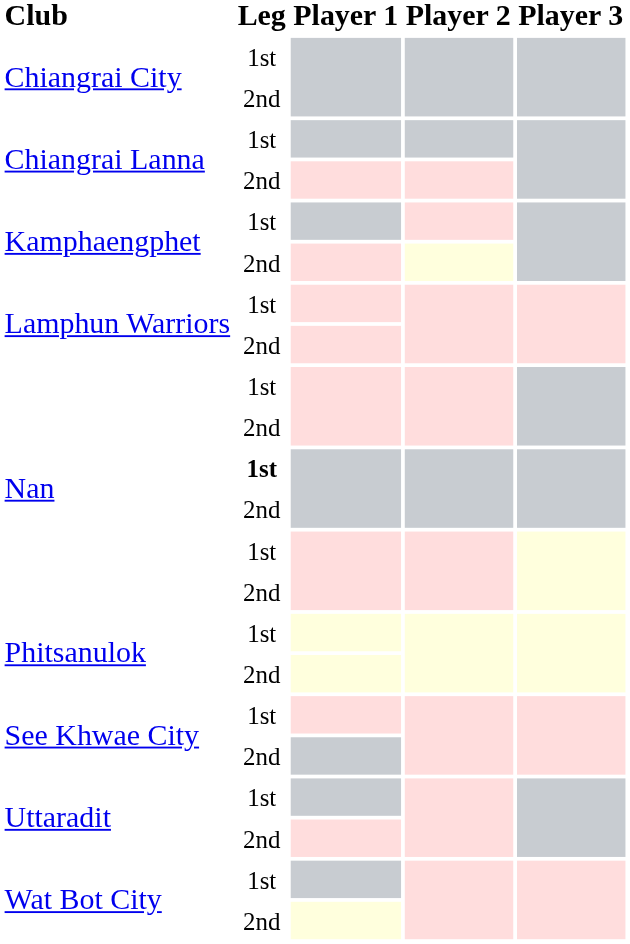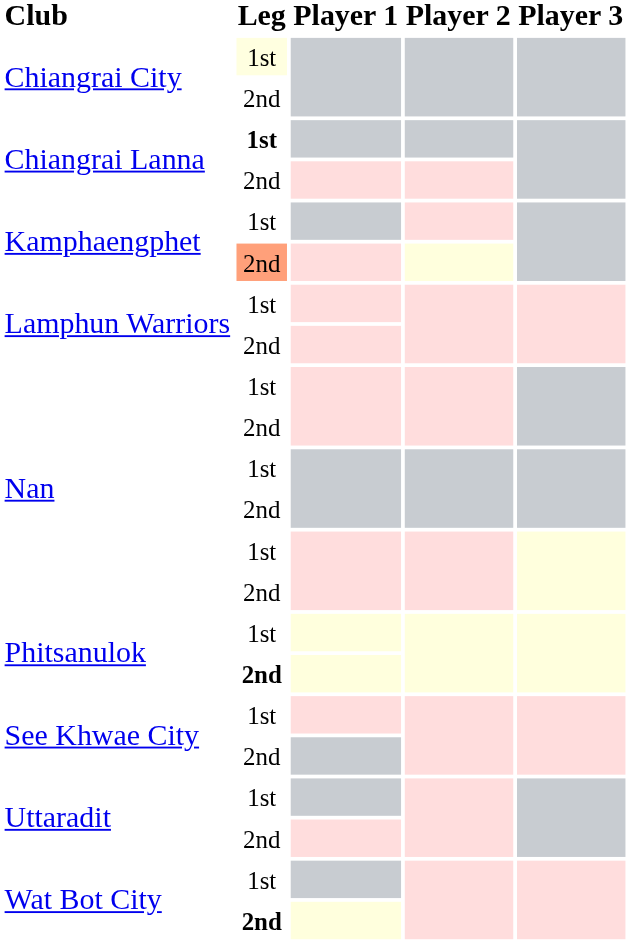 <table class="sortable" style="text-align:left">
 <tr>
 <th>Club</th>
 <th>Leg</th>
 <th>Player 1</th>
 <th>Player 2</th>
 <th>Player 3</th>
 </tr>
 <tr>
 <td rowspan="2"><a href='#'>Chiangrai City</a></td>
-<td align="center"><small>1st</small></td>
+<td align="center" style="background: lightyellow;"><small>1st</small></td>
 <td bgcolor="#c8ccd1"rowspan="2"></td>
 <td bgcolor="#c8ccd1"rowspan="2"></td>
 <td bgcolor="#c8ccd1"rowspan="2"></td>
 </tr>
 <tr>
 <td align="center"><small>2nd</small></td>
 </tr>
 <tr>
 <td rowspan="2"><a href='#'>Chiangrai Lanna</a></td>
-<td align="center"><small>1st</small></td>
+<td align="center"><strong><small>1st</small></strong></td>
 <td bgcolor="#c8ccd1"></td>
 <td bgcolor="#c8ccd1"></td>
 <td bgcolor="#c8ccd1"rowspan="2"></td>
 </tr>
 <tr>
 <td align="center"><small>2nd</small></td>
 <td bgcolor="#ffdddd"></td>
 <td bgcolor="#ffdddd"></td>
 </tr>
 <tr>
 <td rowspan="2"><a href='#'>Kamphaengphet</a></td>
 <td align="center"><small>1st</small></td>
 <td bgcolor="#c8ccd1"></td>
 <td bgcolor="#ffdddd"></td>
 <td bgcolor="#c8ccd1"rowspan="2"></td>
 </tr>
 <tr>
-<td align="center"><small>2nd</small></td>
+<td align="center" style="background: lightsalmon;"><small>2nd</small></td>
 <td bgcolor="#ffdddd"></td>
 <td bgcolor="#ffffdd"></td>
 </tr>
 <tr>
 <td rowspan="2"><a href='#'>Lamphun Warriors</a></td>
 <td align="center"><small>1st</small></td>
 <td bgcolor="#ffdddd"></td>
 <td bgcolor="#ffdddd"rowspan="2"></td>
 <td bgcolor="#ffdddd"rowspan="2"></td>
 </tr>
 <tr>
 <td align="center"><small>2nd</small></td>
 <td bgcolor="#ffdddd"></td>
 </tr>
 <tr>
 <td rowspan="2"></td>
 <td align="center"><small>1st</small></td>
 <td bgcolor="#ffdddd"rowspan="2"></td>
 <td bgcolor="#ffdddd"rowspan="2"></td>
 <td bgcolor="#c8ccd1"rowspan="2"></td>
 </tr>
 <tr>
 <td align="center"><small>2nd</small></td>
 </tr>
 <tr>
 <td rowspan="2"><a href='#'>Nan</a></td>
-<td align="center"><strong><small>1st</small></strong></td>
+<td align="center"><small>1st</small></td>
 <td bgcolor="#c8ccd1"rowspan="2"></td>
 <td bgcolor="#c8ccd1"rowspan="2"></td>
 <td bgcolor="#c8ccd1"rowspan="2"></td>
 </tr>
 <tr>
 <td align="center"><small>2nd</small></td>
 </tr>
 <tr>
 <td rowspan="2"></td>
 <td align="center"><small>1st</small></td>
 <td bgcolor="#ffdddd"rowspan="2"></td>
 <td bgcolor="#ffdddd"rowspan="2"></td>
 <td bgcolor="#ffffdd"rowspan="2"></td>
 </tr>
 <tr>
 <td align="center"><small>2nd</small></td>
 </tr>
 <tr>
 <td rowspan="2"><a href='#'>Phitsanulok</a></td>
 <td align="center"><small>1st</small></td>
 <td bgcolor="#ffffdd"></td>
 <td bgcolor="#ffffdd"rowspan="2"></td>
 <td bgcolor="#ffffdd"rowspan="2"></td>
 </tr>
 <tr>
-<td align="center"><small>2nd</small></td>
+<td align="center"><strong><small>2nd</small></strong></td>
 <td bgcolor="#ffffdd"></td>
 </tr>
 <tr>
 <td rowspan="2"><a href='#'>See Khwae City</a></td>
 <td align="center"><small>1st</small></td>
 <td bgcolor="#ffdddd"></td>
 <td bgcolor="#ffdddd"rowspan="2"></td>
 <td bgcolor="#ffdddd"rowspan="2"></td>
 </tr>
 <tr>
 <td align="center"><small>2nd</small></td>
 <td bgcolor="#c8ccd1"></td>
 </tr>
 <tr>
 <td rowspan="2"><a href='#'>Uttaradit</a></td>
 <td align="center"><small>1st</small></td>
 <td bgcolor="#c8ccd1"></td>
 <td bgcolor="#ffdddd"rowspan="2"></td>
 <td bgcolor="#c8ccd1"rowspan="2"></td>
 </tr>
 <tr>
 <td align="center"><small>2nd</small></td>
 <td bgcolor="#ffdddd"></td>
 </tr>
 <tr>
 <td rowspan="2"><a href='#'>Wat Bot City</a></td>
 <td align="center"><small>1st</small></td>
 <td bgcolor="#c8ccd1"></td>
 <td bgcolor="#ffdddd"rowspan="2"></td>
 <td bgcolor="#ffdddd"rowspan="2"></td>
 </tr>
 <tr>
-<td align="center"><small>2nd</small></td>
+<td align="center"><strong><small>2nd</small></strong></td>
 <td bgcolor="#ffffdd"></td>
 </tr>
 </table>
